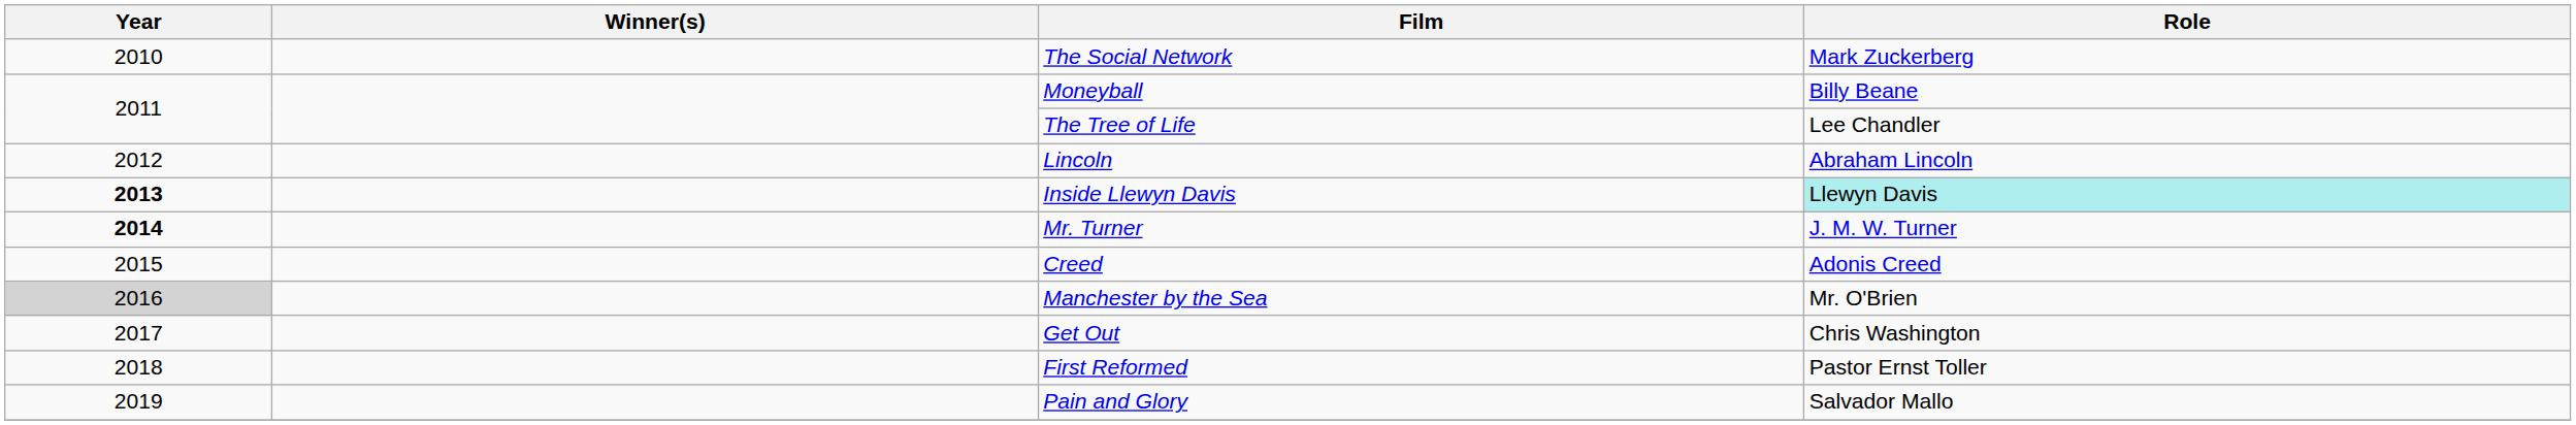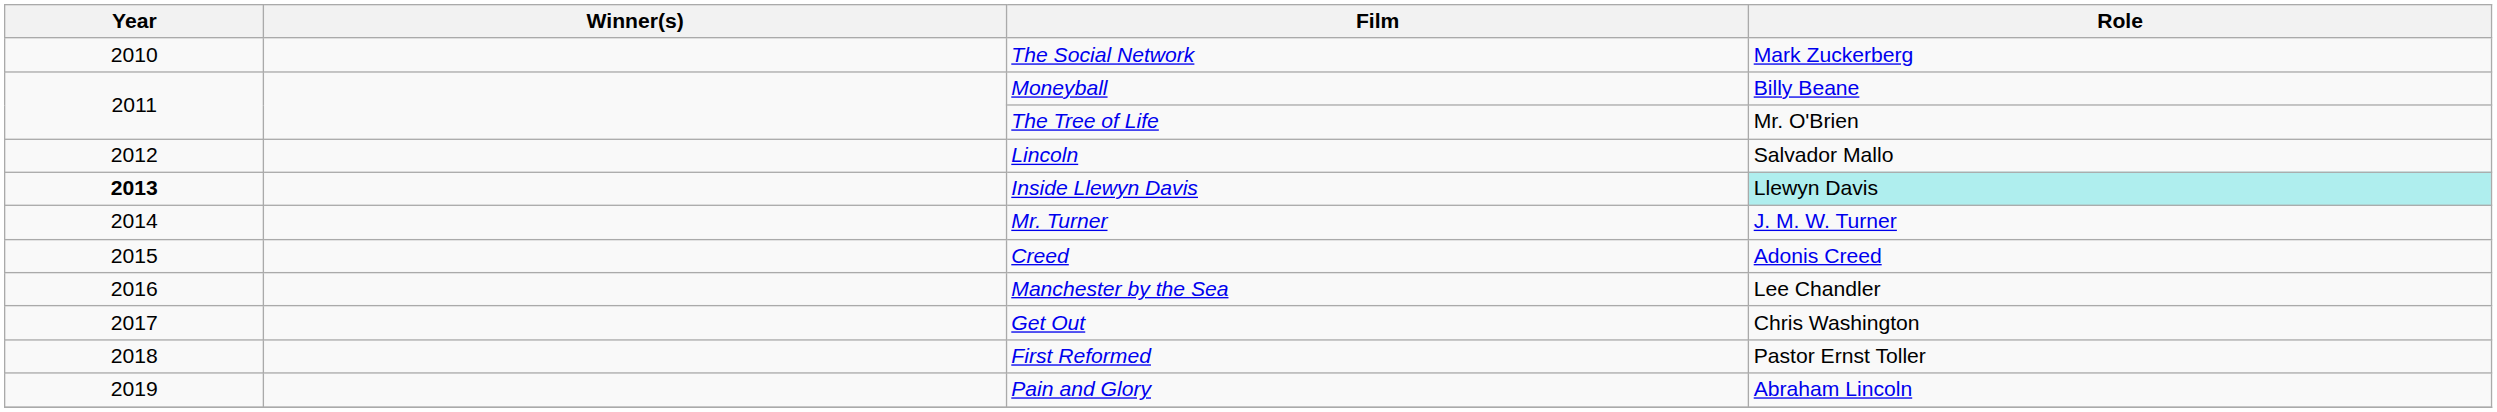 <table class="wikitable" width="95%" cellpadding="5">
 <tr>
 <th width="100"><strong>Year</strong></th>
 <th width="300"><strong>Winner(s)</strong></th>
 <th width="300"><strong>Film</strong></th>
 <th width="300"><strong>Role</strong></th>
 </tr>
 <tr>
 <td style="text-align:center;">2010</td>
 <td></td>
 <td><em><a href='#'>The Social Network</a></em></td>
 <td><a href='#'>Mark Zuckerberg</a></td>
 </tr>
 <tr>
 <td rowspan="2" style="text-align:center;">2011</td>
 <td rowspan="2"></td>
 <td><em><a href='#'>Moneyball</a></em></td>
 <td><a href='#'>Billy Beane</a></td>
 </tr>
 <tr>
 <td><em><a href='#'>The Tree of Life</a></em></td>
-<td>Lee Chandler </td>
+<td>Mr. O'Brien</td>
 </tr>
 <tr>
 <td style="text-align:center;">2012</td>
 <td></td>
 <td><em><a href='#'>Lincoln</a></em></td>
-<td><a href='#'>Abraham Lincoln</a></td>
+<td>Salvador Mallo </td>
 </tr>
 <tr>
 <td style="text-align:center;"><strong>2013</strong></td>
 <td></td>
 <td><em><a href='#'>Inside Llewyn Davis</a></em></td>
 <td style="background: paleturquoise;">Llewyn Davis</td>
 </tr>
 <tr>
-<td style="text-align:center;"><strong>2014</strong></td>
+<td style="text-align:center;">2014</td>
 <td></td>
 <td><em><a href='#'>Mr. Turner</a></em></td>
 <td><a href='#'>J. M. W. Turner</a></td>
 </tr>
 <tr>
 <td style="text-align:center;">2015</td>
 <td></td>
 <td><em><a href='#'>Creed</a></em></td>
 <td><a href='#'>Adonis Creed</a></td>
 </tr>
 <tr>
-<td style="background: lightgrey; text-align:center;">2016</td>
+<td style="text-align:center;">2016</td>
 <td></td>
 <td><em><a href='#'>Manchester by the Sea</a></em></td>
-<td>Mr. O'Brien</td>
+<td>Lee Chandler </td>
 </tr>
 <tr>
 <td style="text-align:center;">2017</td>
 <td></td>
 <td><em><a href='#'>Get Out</a></em></td>
 <td>Chris Washington </td>
 </tr>
 <tr>
 <td style="text-align:center;">2018</td>
 <td></td>
 <td><em><a href='#'>First Reformed</a></em></td>
 <td>Pastor Ernst Toller</td>
 </tr>
 <tr>
 <td style="text-align:center;">2019</td>
 <td></td>
 <td><em><a href='#'>Pain and Glory</a></em></td>
-<td>Salvador Mallo </td>
+<td><a href='#'>Abraham Lincoln</a></td>
 </tr>
 <tr>
 </tr>
 </table>
